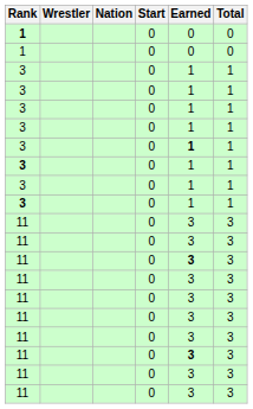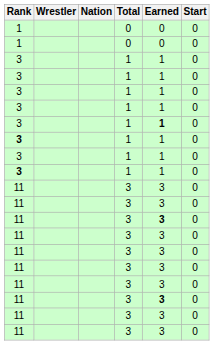 <table class="wikitable sortable" style="text-align:center;">
 <tr>
 <th>Rank</th>
 <th>Wrestler</th>
 <th>Nation</th>
+<th>Total</th>
+<th>Earned</th>
 <th>Start</th>
-<th>Earned</th>
-<th>Total</th>
 </tr>
 <tr style="background:#cfc;">
-<td><strong>1</strong></td>
+<td>1</td>
 <td align=left></td>
 <td align=left></td>
 <td>0</td>
 <td>0</td>
 <td>0</td>
 </tr>
 <tr style="background:#cfc;">
 <td>1</td>
 <td align=left></td>
 <td align=left></td>
 <td>0</td>
 <td>0</td>
 <td>0</td>
 </tr>
 <tr style="background:#cfc;">
 <td>3</td>
 <td align=left></td>
 <td align=left></td>
-<td>0</td>
 <td>1</td>
 <td>1</td>
+<td>0</td>
 </tr>
 <tr style="background:#cfc;">
 <td>3</td>
 <td align=left></td>
 <td align=left></td>
-<td>0</td>
 <td>1</td>
 <td>1</td>
+<td>0</td>
 </tr>
 <tr style="background:#cfc;">
 <td>3</td>
 <td align=left></td>
 <td align=left></td>
-<td>0</td>
 <td>1</td>
 <td>1</td>
+<td>0</td>
 </tr>
 <tr style="background:#cfc;">
 <td>3</td>
 <td align=left></td>
 <td align=left></td>
-<td>0</td>
 <td>1</td>
 <td>1</td>
+<td>0</td>
 </tr>
 <tr style="background:#cfc;">
 <td>3</td>
 <td align=left></td>
 <td align=left></td>
+<td>1</td>
+<td><strong>1</strong></td>
 <td>0</td>
-<td><strong>1</strong></td>
-<td>1</td>
 </tr>
 <tr style="background:#cfc;">
 <td><strong>3</strong></td>
 <td align=left></td>
 <td align=left></td>
-<td>0</td>
 <td>1</td>
 <td>1</td>
+<td>0</td>
 </tr>
 <tr style="background:#cfc;">
 <td>3</td>
 <td align=left></td>
 <td align=left></td>
-<td>0</td>
 <td>1</td>
 <td>1</td>
+<td>0</td>
 </tr>
 <tr style="background:#cfc;">
 <td><strong>3</strong></td>
 <td align=left></td>
 <td align=left></td>
-<td>0</td>
 <td>1</td>
 <td>1</td>
+<td>0</td>
 </tr>
 <tr style="background:#cfc;">
 <td>11</td>
 <td align=left></td>
 <td align=left></td>
-<td>0</td>
 <td>3</td>
 <td>3</td>
+<td>0</td>
 </tr>
 <tr style="background:#cfc;">
 <td>11</td>
 <td align=left></td>
 <td align=left></td>
-<td>0</td>
 <td>3</td>
 <td>3</td>
+<td>0</td>
 </tr>
 <tr style="background:#cfc;">
 <td>11</td>
 <td align=left></td>
 <td align=left></td>
+<td>3</td>
+<td><strong>3</strong></td>
 <td>0</td>
-<td><strong>3</strong></td>
-<td>3</td>
 </tr>
 <tr style="background:#cfc;">
 <td>11</td>
 <td align=left></td>
 <td align=left></td>
-<td>0</td>
 <td>3</td>
 <td>3</td>
+<td>0</td>
 </tr>
 <tr style="background:#cfc;">
 <td>11</td>
 <td align=left></td>
 <td align=left></td>
-<td>0</td>
 <td>3</td>
 <td>3</td>
+<td>0</td>
 </tr>
 <tr style="background:#cfc;">
 <td>11</td>
 <td align=left></td>
 <td align=left></td>
-<td>0</td>
 <td>3</td>
 <td>3</td>
+<td>0</td>
 </tr>
 <tr style="background:#cfc;">
 <td>11</td>
 <td align=left></td>
 <td align=left></td>
-<td>0</td>
 <td>3</td>
 <td>3</td>
+<td>0</td>
 </tr>
 <tr style="background:#cfc;">
 <td>11</td>
 <td align=left></td>
 <td align=left></td>
+<td>3</td>
+<td><strong>3</strong></td>
 <td>0</td>
-<td><strong>3</strong></td>
-<td>3</td>
 </tr>
 <tr style="background:#cfc;">
 <td>11</td>
 <td align=left></td>
 <td align=left></td>
-<td>0</td>
 <td>3</td>
 <td>3</td>
+<td>0</td>
 </tr>
 <tr style="background:#cfc;">
 <td>11</td>
 <td align=left></td>
 <td align=left></td>
-<td>0</td>
 <td>3</td>
 <td>3</td>
+<td>0</td>
 </tr>
 </table>
